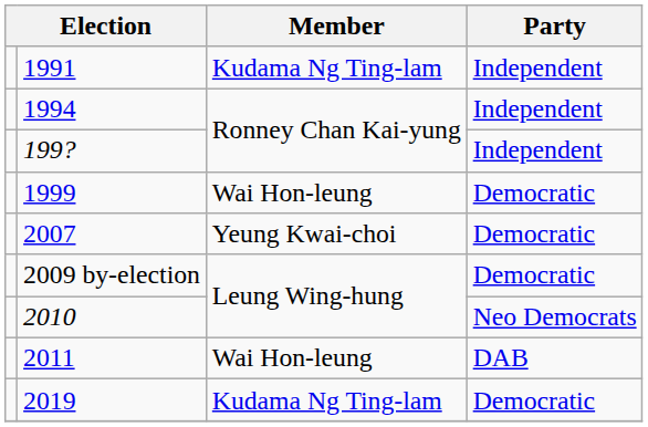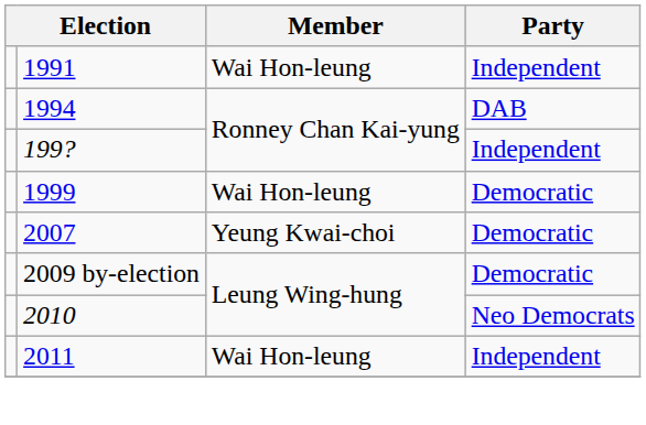 <table class="wikitable">
 <tr>
 <th colspan="2">Election</th>
 <th>Member</th>
 <th>Party</th>
 </tr>
 <tr>
 <td style="background-color: "></td>
 <td><a href='#'>1991</a></td>
-<td><a href='#'>Kudama Ng Ting-lam</a></td>
+<td>Wai Hon-leung</td>
 <td><a href='#'>Independent</a></td>
 </tr>
 <tr>
 <td style="background-color: "></td>
 <td><a href='#'>1994</a></td>
 <td rowspan=2>Ronney Chan Kai-yung</td>
-<td><a href='#'>Independent</a></td>
+<td><a href='#'>DAB</a></td>
 </tr>
 <tr>
 <td style="background-color: "></td>
 <td><em>199?</em></td>
 <td><a href='#'>Independent</a></td>
 </tr>
 <tr>
 <td style="background-color: "></td>
 <td><a href='#'>1999</a></td>
 <td>Wai Hon-leung</td>
 <td><a href='#'>Democratic</a></td>
 </tr>
 <tr>
 <td style="background-color: "></td>
 <td><a href='#'>2007</a></td>
 <td>Yeung Kwai-choi</td>
 <td><a href='#'>Democratic</a></td>
 </tr>
 <tr>
 <td style="background-color: "></td>
 <td>2009 by-election</td>
 <td rowspan=2>Leung Wing-hung</td>
 <td><a href='#'>Democratic</a></td>
 </tr>
 <tr>
 <td style="background-color: "></td>
 <td><em>2010</em></td>
 <td><a href='#'>Neo Democrats</a></td>
 </tr>
 <tr>
 <td style="background-color: "></td>
 <td><a href='#'>2011</a></td>
 <td>Wai Hon-leung</td>
-<td><a href='#'>DAB</a></td>
-</tr>
-<tr>
-<td style="background-color: "></td>
-<td><a href='#'>2019</a></td>
-<td><a href='#'>Kudama Ng Ting-lam</a></td>
-<td><a href='#'>Democratic</a></td>
+<td><a href='#'>Independent</a></td>
 </tr>
 <tr>
 </tr>
 </table>
